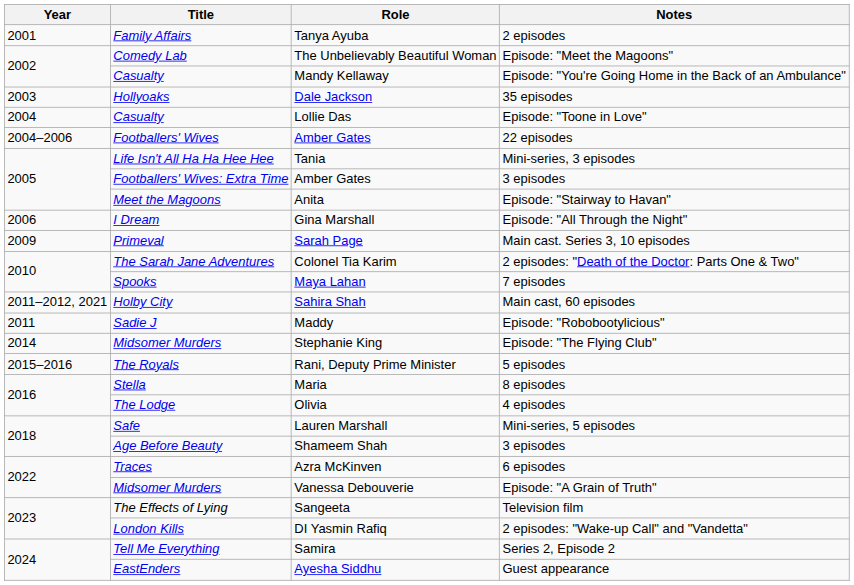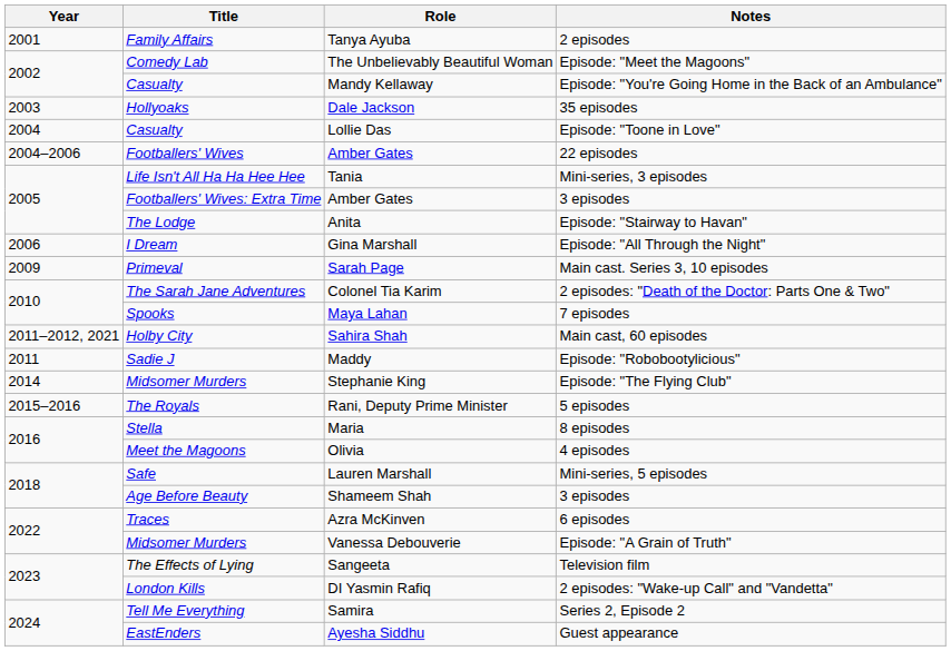 <table class="wikitable plainrowheaders sortable">
 <tr>
 <th scope="col">Year</th>
 <th scope="col">Title</th>
 <th scope="col">Role</th>
 <th scope="col" class="unsortable">Notes</th>
 </tr>
 <tr>
 <td>2001</td>
 <td><em><a href='#'>Family Affairs</a></em></td>
 <td>Tanya Ayuba</td>
 <td>2 episodes</td>
 </tr>
 <tr>
 <td rowspan="2">2002</td>
 <td><em><a href='#'>Comedy Lab</a></em></td>
 <td>The Unbelievably Beautiful Woman</td>
 <td>Episode: "Meet the Magoons"</td>
 </tr>
 <tr>
 <td><em><a href='#'>Casualty</a></em></td>
 <td>Mandy Kellaway</td>
 <td>Episode: "You're Going Home in the Back of an Ambulance"</td>
 </tr>
 <tr>
 <td>2003</td>
 <td><em><a href='#'>Hollyoaks</a></em></td>
 <td><a href='#'>Dale Jackson</a></td>
 <td>35 episodes</td>
 </tr>
 <tr>
 <td>2004</td>
 <td><em><a href='#'>Casualty</a></em></td>
 <td>Lollie Das</td>
 <td>Episode: "Toone in Love"</td>
 </tr>
 <tr>
 <td>2004–2006</td>
 <td><em><a href='#'>Footballers' Wives</a></em></td>
 <td><a href='#'>Amber Gates</a></td>
 <td>22 episodes</td>
 </tr>
 <tr>
 <td rowspan="3">2005</td>
 <td><em><a href='#'>Life Isn't All Ha Ha Hee Hee</a></em></td>
 <td>Tania</td>
 <td>Mini-series, 3 episodes</td>
 </tr>
 <tr>
 <td><em><a href='#'>Footballers' Wives: Extra Time</a></em></td>
 <td>Amber Gates</td>
 <td>3 episodes</td>
 </tr>
 <tr>
-<td><em><a href='#'>Meet the Magoons</a></em></td>
+<td><em><a href='#'>The Lodge</a></em></td>
 <td>Anita</td>
 <td>Episode: "Stairway to Havan"</td>
 </tr>
 <tr>
 <td>2006</td>
 <td><em><a href='#'>I Dream</a></em></td>
 <td>Gina Marshall</td>
 <td>Episode: "All Through the Night"</td>
 </tr>
 <tr>
 <td>2009</td>
 <td><em><a href='#'>Primeval</a></em></td>
 <td><a href='#'>Sarah Page</a></td>
 <td>Main cast. Series 3, 10 episodes</td>
 </tr>
 <tr>
 <td rowspan="2">2010</td>
 <td><em><a href='#'>The Sarah Jane Adventures</a></em></td>
 <td>Colonel Tia Karim</td>
 <td>2 episodes: "<a href='#'>Death of the Doctor</a>: Parts One & Two"</td>
 </tr>
 <tr>
 <td><em><a href='#'>Spooks</a></em></td>
 <td><a href='#'>Maya Lahan</a></td>
 <td>7 episodes</td>
 </tr>
 <tr>
 <td>2011–2012, 2021</td>
 <td><em><a href='#'>Holby City</a></em></td>
 <td><a href='#'>Sahira Shah</a></td>
 <td>Main cast, 60 episodes</td>
 </tr>
 <tr>
 <td>2011</td>
 <td><em><a href='#'>Sadie J</a></em></td>
 <td>Maddy</td>
 <td>Episode: "Robobootylicious"</td>
 </tr>
 <tr>
 <td>2014</td>
 <td><em><a href='#'>Midsomer Murders</a></em></td>
 <td>Stephanie King</td>
 <td>Episode: "The Flying Club"</td>
 </tr>
 <tr>
 <td>2015–2016</td>
 <td><em><a href='#'>The Royals</a></em></td>
 <td>Rani, Deputy Prime Minister</td>
 <td>5 episodes</td>
 </tr>
 <tr>
 <td rowspan="2">2016</td>
 <td><em><a href='#'>Stella</a></em></td>
 <td>Maria</td>
 <td>8 episodes</td>
 </tr>
 <tr>
-<td><em><a href='#'>The Lodge</a></em></td>
+<td><em><a href='#'>Meet the Magoons</a></em></td>
 <td>Olivia</td>
 <td>4 episodes</td>
 </tr>
 <tr>
 <td rowspan="2">2018</td>
 <td><em><a href='#'>Safe</a></em></td>
 <td>Lauren Marshall</td>
 <td>Mini-series, 5 episodes</td>
 </tr>
 <tr>
 <td><em><a href='#'>Age Before Beauty</a></em></td>
 <td>Shameem Shah</td>
 <td>3 episodes</td>
 </tr>
 <tr>
 <td rowspan="2">2022</td>
 <td><em><a href='#'>Traces</a></em></td>
 <td>Azra McKinven</td>
 <td>6 episodes</td>
 </tr>
 <tr>
 <td><em><a href='#'>Midsomer Murders</a></em></td>
 <td>Vanessa Debouverie</td>
 <td>Episode: "A Grain of Truth"</td>
 </tr>
 <tr>
 <td rowspan="2">2023</td>
 <td><em>The Effects of Lying</em></td>
 <td>Sangeeta</td>
 <td>Television film</td>
 </tr>
 <tr>
 <td><em><a href='#'>London Kills</a></em></td>
 <td>DI Yasmin Rafiq</td>
 <td>2 episodes: "Wake-up Call" and "Vandetta"</td>
 </tr>
 <tr>
 <td rowspan="2">2024</td>
 <td><em><a href='#'>Tell Me Everything</a></em></td>
 <td>Samira</td>
 <td>Series 2, Episode 2</td>
 </tr>
 <tr>
 <td><em><a href='#'>EastEnders</a></em></td>
 <td><a href='#'>Ayesha Siddhu</a></td>
 <td>Guest appearance</td>
 </tr>
 </table>
